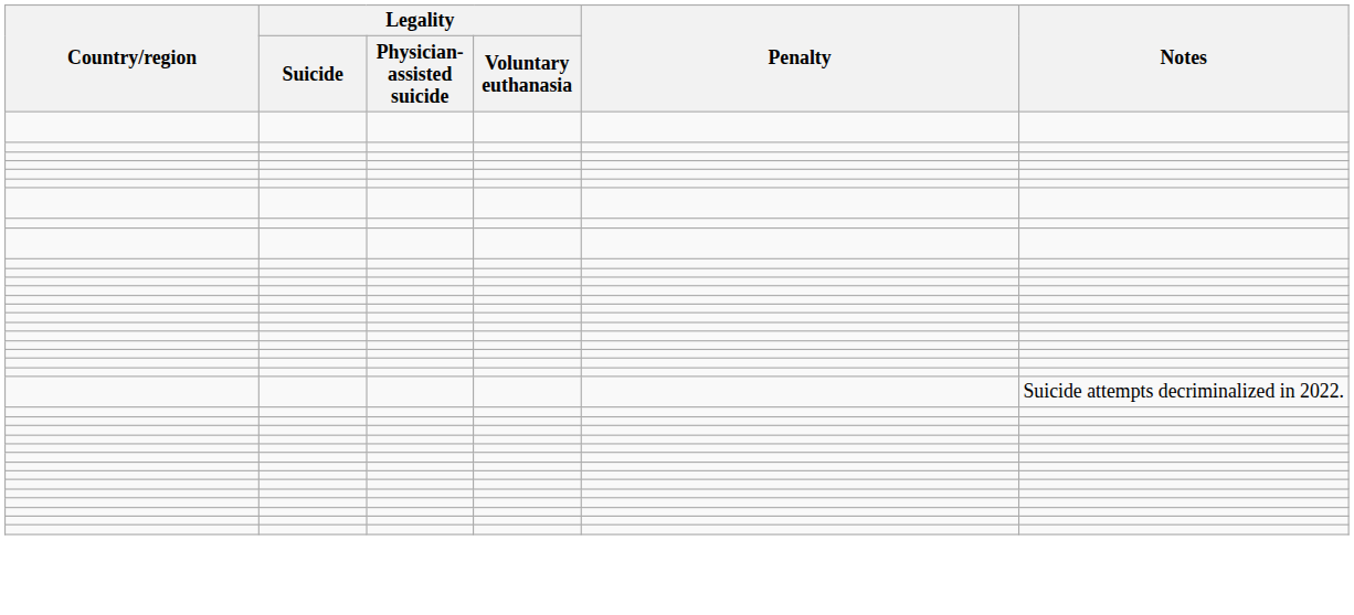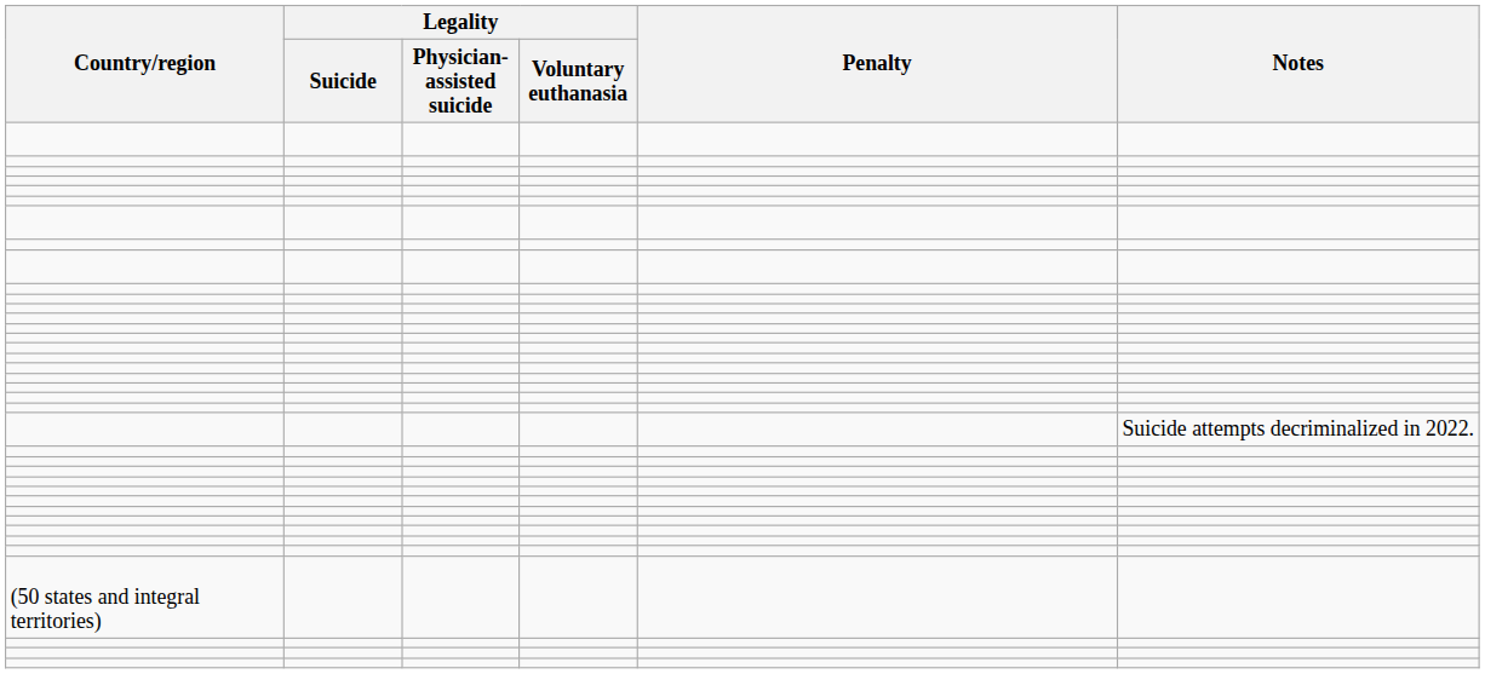 <table class="wikitable">
 <tr>
 <th rowspan=2 width=200pt>Country/region</th>
 <th colspan=3>Legality</th>
 <th rowspan=2 width=350pt>Penalty</th>
 <th rowspan=2>Notes</th>
 </tr>
 <tr>
 <th width=80pt>Suicide</th>
 <th width=80pt>Physician-assisted suicide</th>
 <th width=80pt>Voluntary euthanasia</th>
 </tr>
 <tr>
 <td><em></em></td>
 <td></td>
 <td></td>
 <td></td>
 <td><br> </td>
 <td></td>
 </tr>
 <tr>
 <td></td>
 <td></td>
 <td></td>
 <td></td>
 <td></td>
 <td></td>
 </tr>
 <tr>
 <td></td>
 <td></td>
 <td></td>
 <td></td>
 <td></td>
 <td></td>
 </tr>
 <tr>
 <td></td>
 <td></td>
 <td></td>
 <td></td>
 <td></td>
 <td></td>
 </tr>
 <tr>
 <td></td>
 <td></td>
 <td></td>
 <td></td>
 <td></td>
 <td></td>
 </tr>
 <tr>
 <td></td>
 <td></td>
 <td></td>
 <td></td>
 <td></td>
 <td></td>
 </tr>
 <tr>
 <td><em></em></td>
 <td></td>
 <td></td>
 <td></td>
 <td><br></td>
 <td></td>
 </tr>
 <tr>
 <td></td>
 <td></td>
 <td></td>
 <td></td>
 <td></td>
 <td></td>
 </tr>
 <tr>
 <td></td>
 <td></td>
 <td></td>
 <td></td>
 <td></td>
 <td><br></td>
 </tr>
 <tr>
 <td><em></em></td>
 <td></td>
 <td></td>
 <td></td>
 <td></td>
 <td></td>
 </tr>
 <tr>
 <td></td>
 <td></td>
 <td></td>
 <td></td>
 <td></td>
 <td></td>
 </tr>
 <tr>
 <td><em></em></td>
 <td></td>
 <td></td>
 <td></td>
 <td></td>
 <td></td>
 </tr>
 <tr>
 <td></td>
 <td></td>
 <td></td>
 <td></td>
 <td></td>
 <td></td>
 </tr>
 <tr>
 <td></td>
 <td></td>
 <td></td>
 <td></td>
 <td></td>
 <td></td>
 </tr>
 <tr>
 <td></td>
 <td></td>
 <td></td>
 <td></td>
 <td></td>
 <td></td>
 </tr>
 <tr>
 <td></td>
 <td></td>
 <td></td>
 <td></td>
 <td></td>
 <td></td>
 </tr>
 <tr>
 <td></td>
 <td></td>
 <td></td>
 <td></td>
 <td></td>
 <td></td>
 </tr>
 <tr>
 <td></td>
 <td></td>
 <td></td>
 <td></td>
 <td></td>
 <td></td>
 </tr>
 <tr>
 <td></td>
 <td></td>
 <td></td>
 <td></td>
 <td></td>
 <td></td>
 </tr>
 <tr>
 <td><em></em></td>
 <td></td>
 <td></td>
 <td></td>
 <td></td>
 <td></td>
 </tr>
 <tr>
 <td></td>
 <td></td>
 <td></td>
 <td></td>
 <td></td>
 <td></td>
 </tr>
 <tr>
 <td></td>
 <td></td>
 <td></td>
 <td></td>
 <td></td>
 <td></td>
 </tr>
 <tr>
 <td></td>
 <td></td>
 <td></td>
 <td></td>
 <td></td>
 <td>Suicide attempts decriminalized in 2022.</td>
 </tr>
 <tr>
 <td></td>
 <td></td>
 <td></td>
 <td></td>
 <td></td>
 <td></td>
 </tr>
 <tr>
 <td></td>
 <td></td>
 <td></td>
 <td></td>
 <td></td>
 <td></td>
 </tr>
 <tr>
 <td></td>
 <td></td>
 <td></td>
 <td></td>
 <td></td>
 <td></td>
 </tr>
 <tr>
 <td></td>
 <td></td>
 <td></td>
 <td></td>
 <td></td>
 <td></td>
 </tr>
 <tr>
 <td></td>
 <td></td>
 <td></td>
 <td></td>
 <td></td>
 <td></td>
 </tr>
 <tr>
 <td></td>
 <td></td>
 <td></td>
 <td></td>
 <td></td>
 <td></td>
 </tr>
 <tr>
 <td></td>
 <td></td>
 <td></td>
 <td></td>
 <td></td>
 <td></td>
 </tr>
 <tr>
 <td></td>
 <td></td>
 <td></td>
 <td></td>
 <td></td>
 <td></td>
 </tr>
 <tr>
 <td><em></em></td>
 <td></td>
 <td></td>
 <td></td>
 <td></td>
 <td></td>
 </tr>
 <tr>
 <td></td>
 <td></td>
 <td></td>
 <td></td>
 <td></td>
 <td></td>
 </tr>
 <tr>
 <td><em></em></td>
 <td></td>
 <td></td>
 <td></td>
 <td></td>
 <td></td>
 </tr>
 <tr>
+<td><br>(50 states and integral territories)</td>
+<td></td>
+<td></td>
+<td></td>
+<td></td>
+<td></td>
+</tr>
+<tr>
 <td><em></em></td>
 <td></td>
 <td></td>
 <td></td>
 <td></td>
 <td></td>
 </tr>
 <tr>
 <td></td>
 <td></td>
 <td> </td>
 <td> </td>
 <td></td>
 <td></td>
 </tr>
 <tr>
 <td></td>
 <td></td>
 <td></td>
 <td></td>
 <td></td>
 <td></td>
 </tr>
 </table>
